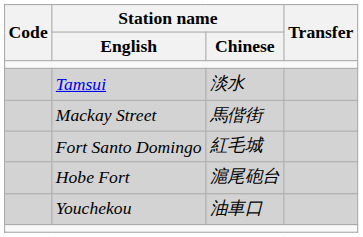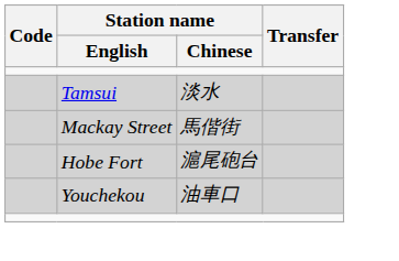 <table class="wikitable">
 <tr>
 <th rowspan="2">Code</th>
 <th colspan="2">Station name</th>
 <th rowspan="2">Transfer</th>
 </tr>
 <tr>
 <th>English</th>
 <th>Chinese</th>
 </tr>
 <tr>
 <td colspan="4"></td>
 </tr>
 <tr bgcolor="lightgrey">
 <td><em></em></td>
 <td><em><a href='#'>Tamsui</a></em></td>
 <td><em>淡水</em></td>
 <td><em></em></td>
 </tr>
 <tr bgcolor="lightgrey">
 <td><em></em></td>
 <td><em>Mackay Street</em></td>
 <td><em>馬偕街</em></td>
 <td></td>
 </tr>
 <tr bgcolor="lightgrey">
 <td><em></em></td>
-<td><em>Fort Santo Domingo</em></td>
-<td><em>紅毛城</em></td>
-<td></td>
-</tr>
-<tr bgcolor="lightgrey">
-<td><em></em></td>
 <td><em>Hobe Fort</em></td>
 <td><em>滬尾砲台</em></td>
 <td></td>
 </tr>
 <tr bgcolor="lightgrey">
 <td><em></em></td>
 <td><em>Youchekou</em></td>
 <td><em>油車口</em></td>
 <td></td>
 </tr>
 <tr>
 <td colspan="4"></td>
 </tr>
 </table>
